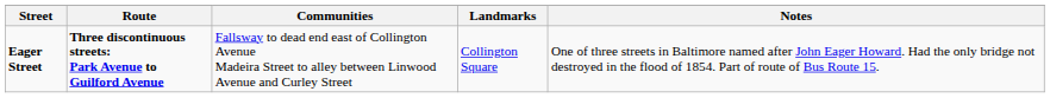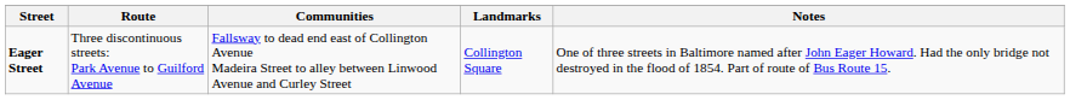 <table class="wikitable">
 <tr style="background-color:#DDDDDD;text-align:center;">
 </tr>
 <tr>
 <th>Street</th>
 <th>Route</th>
 <th>Communities</th>
 <th>Landmarks</th>
 <th>Notes</th>
 </tr>
 <tr>
 <td><strong>Eager Street</strong></td>
-<td><strong>Three discontinuous streets:<br><a href='#'>Park Avenue</a> to <a href='#'>Guilford Avenue</a><br></strong></td>
+<td>Three discontinuous streets:<br><a href='#'>Park Avenue</a> to <a href='#'>Guilford Avenue</a><br></td>
 <td><a href='#'>Fallsway</a> to dead end east of Collington Avenue<br>Madeira Street to alley between Linwood Avenue and Curley Street</td>
 <td><a href='#'>Collington Square</a></td>
 <td>One of three streets in Baltimore named after <a href='#'>John Eager Howard</a>. Had the only bridge not destroyed in the flood of 1854. Part of route of <a href='#'>Bus Route 15</a>.</td>
 </tr>
 </table>
